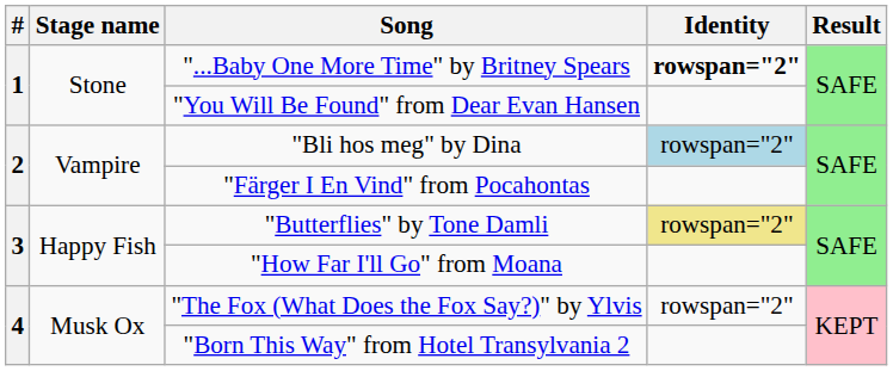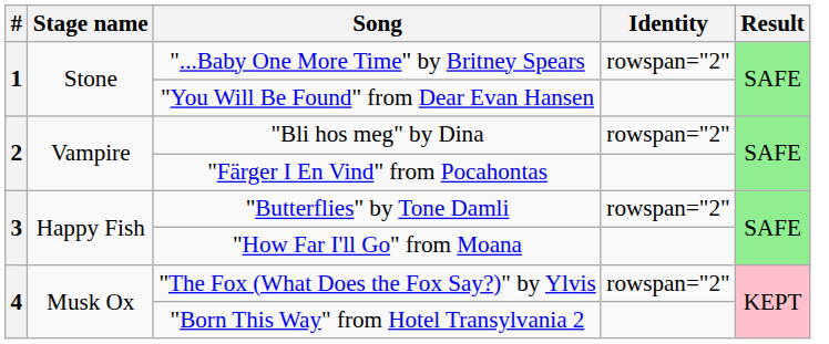 <table class="wikitable plainrowheaders" style="text-align: center;">
 <tr>
 <th>#</th>
 <th>Stage name</th>
 <th>Song</th>
 <th>Identity</th>
 <th>Result</th>
 </tr>
 <tr>
 <th rowspan="2">1</th>
 <td rowspan="2">Stone</td>
 <td>"<a href='#'>...Baby One More Time</a>" by <a href='#'>Britney Spears</a></td>
-<td><strong>rowspan="2" </strong></td>
+<td>rowspan="2" </td>
 <td rowspan="2" bgcolor="lightgreen">SAFE</td>
 </tr>
 <tr>
 <td>"<a href='#'>You Will Be Found</a>" from <a href='#'>Dear Evan Hansen</a></td>
 </tr>
 <tr>
 <th rowspan="2">2</th>
 <td rowspan="2">Vampire</td>
 <td>"Bli hos meg" by Dina</td>
-<td style="background: lightblue;">rowspan="2" </td>
+<td>rowspan="2" </td>
 <td rowspan="2" bgcolor="lightgreen">SAFE</td>
 </tr>
 <tr>
 <td>"<a href='#'>Färger I En Vind</a>" from <a href='#'>Pocahontas</a></td>
 </tr>
 <tr>
 <th rowspan="2">3</th>
 <td rowspan="2">Happy Fish</td>
 <td>"<a href='#'>Butterflies</a>" by <a href='#'>Tone Damli</a></td>
-<td style="background: khaki;">rowspan="2" </td>
+<td>rowspan="2" </td>
 <td rowspan="2" bgcolor="lightgreen">SAFE</td>
 </tr>
 <tr>
 <td>"<a href='#'>How Far I'll Go</a>" from <a href='#'>Moana</a></td>
 </tr>
 <tr>
 <th rowspan="2">4</th>
 <td rowspan="2">Musk Ox</td>
 <td>"<a href='#'>The Fox (What Does the Fox Say?)</a>" by <a href='#'>Ylvis</a></td>
 <td>rowspan="2" </td>
 <td rowspan="2" bgcolor=pink>KEPT</td>
 </tr>
 <tr>
 <td>"<a href='#'>Born This Way</a>" from <a href='#'>Hotel Transylvania 2</a></td>
 </tr>
 </table>
